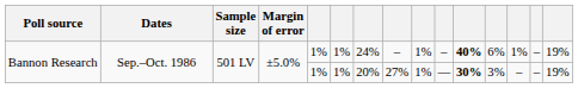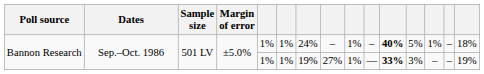 <table class="wikitable" style="font-size:90%;text-align:center;">
 <tr>
 <th>Poll source</th>
 <th style="width:120px;">Dates</th>
 <th>Sample<br>size</th>
 <th>Margin<br>of error</th>
 <th></th>
 <th></th>
 <th></th>
 <th></th>
 <th></th>
 <th></th>
 <th></th>
 <th></th>
 <th></th>
 <th></th>
 <th></th>
 </tr>
 <tr>
 <td rowspan="2">Bannon Research</td>
 <td rowspan="2">Sep.–Oct. 1986</td>
 <td rowspan="2">501 LV</td>
 <td rowspan="2">±5.0%</td>
 <td>1%</td>
 <td>1%</td>
 <td>24%</td>
 <td>–</td>
 <td>1%</td>
 <td>–</td>
 <td><strong>40%</strong></td>
-<td>6%</td>
+<td>5%</td>
 <td>1%</td>
 <td>–</td>
-<td>19%</td>
+<td>18%</td>
 </tr>
 <tr>
 <td>1%</td>
 <td>1%</td>
-<td>20%</td>
+<td>19%</td>
 <td>27%</td>
 <td>1%</td>
 <td>—</td>
-<td><strong>30%</strong></td>
+<td><strong>33%</strong></td>
 <td>3%</td>
 <td>–</td>
 <td>–</td>
 <td>19%</td>
 </tr>
 </table>
